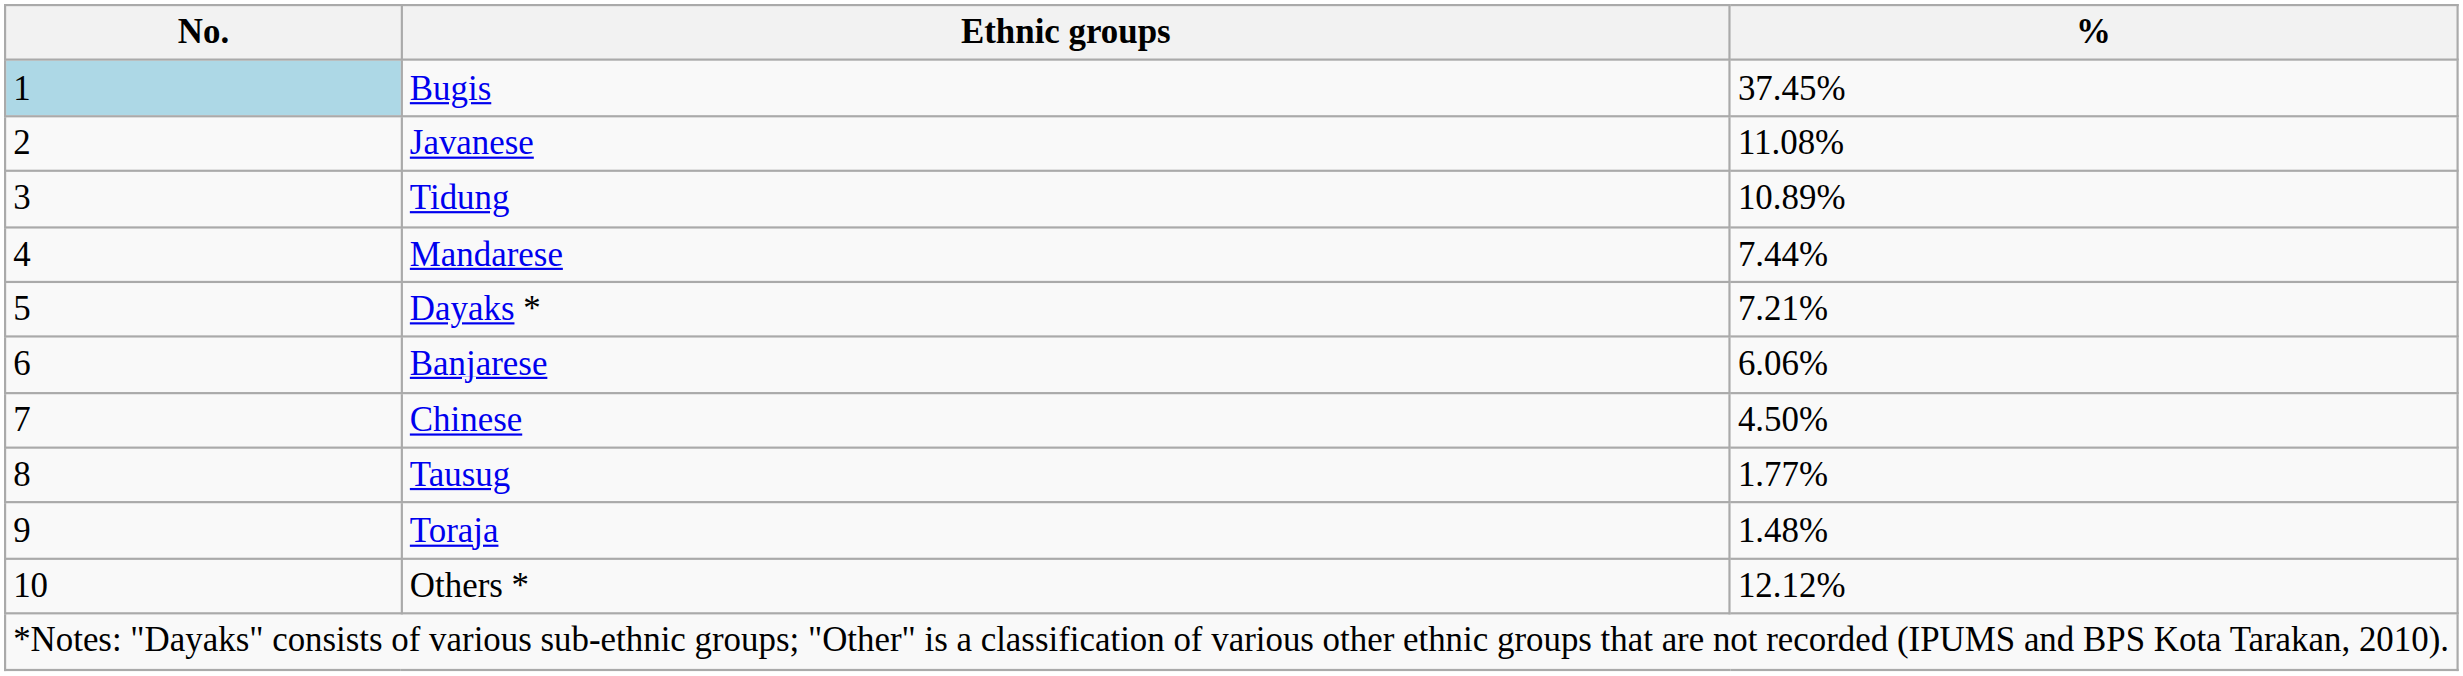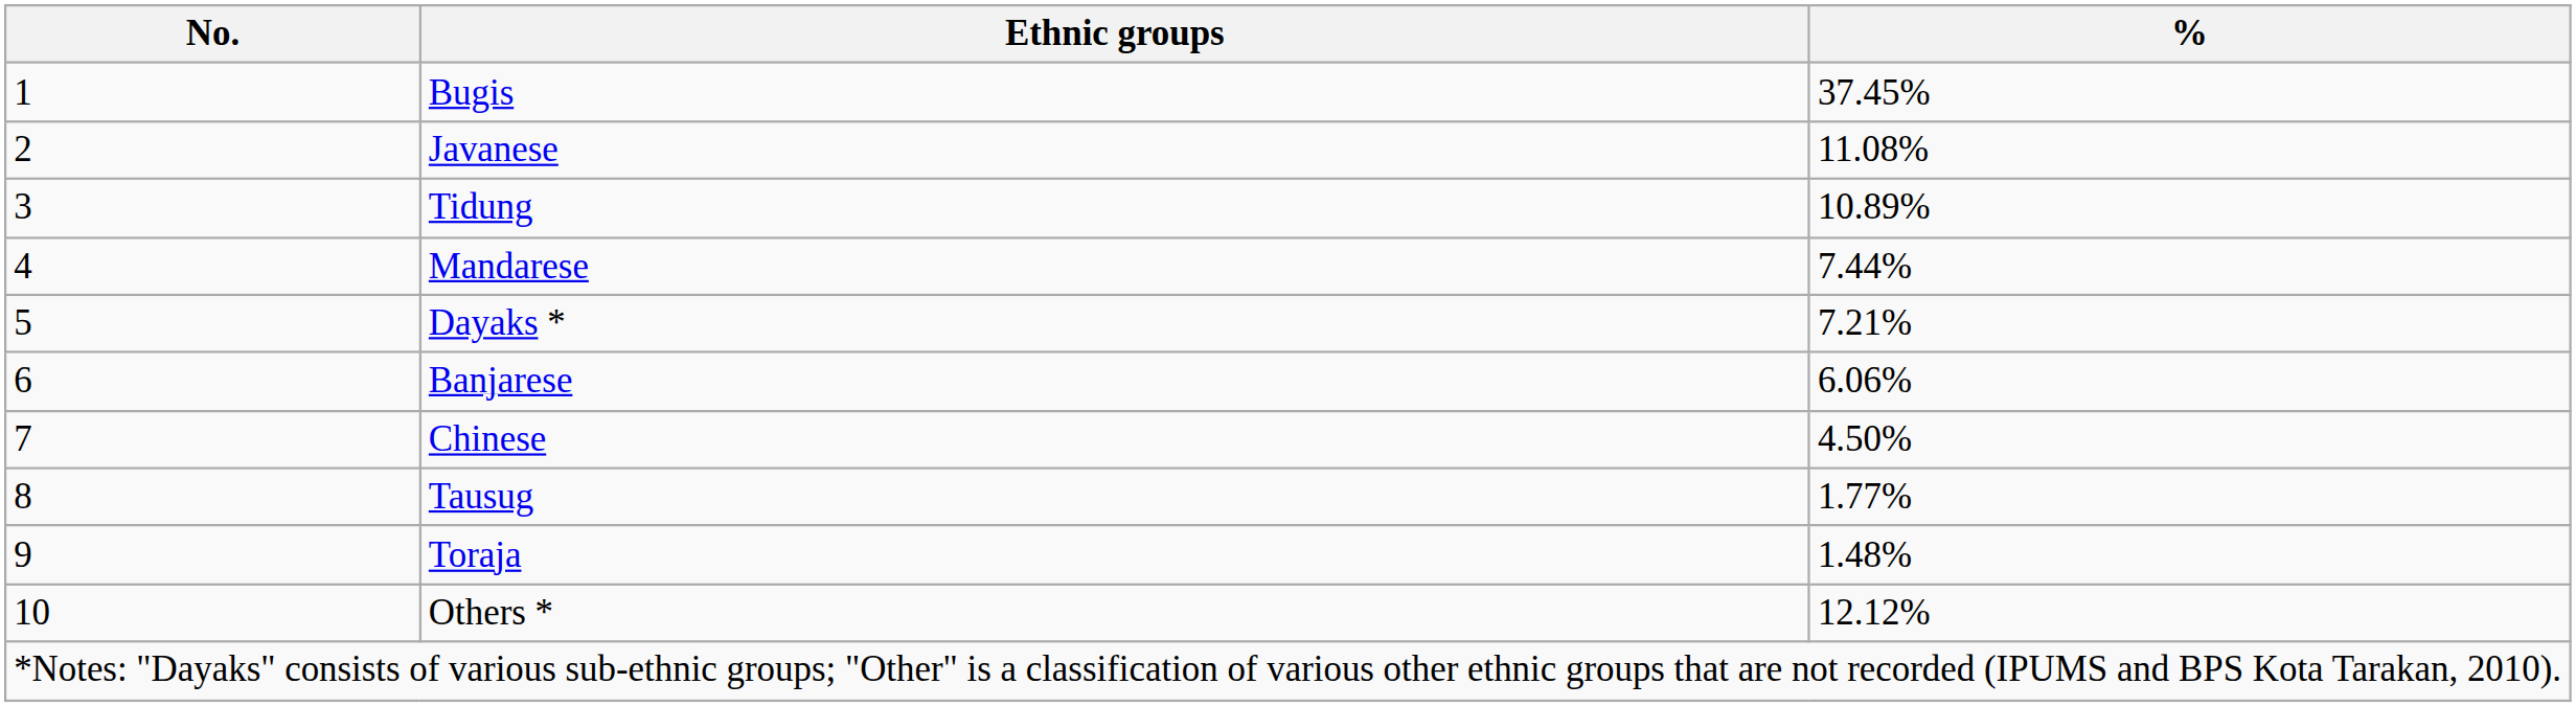 <table class="sortable wikitable">
 <tr>
 <th>No.</th>
 <th>Ethnic groups</th>
 <th>%</th>
 </tr>
 <tr>
-<td style="background: lightblue;">1</td>
+<td>1</td>
 <td><a href='#'>Bugis</a></td>
 <td>37.45%</td>
 </tr>
 <tr>
 <td>2</td>
 <td><a href='#'>Javanese</a></td>
 <td>11.08%</td>
 </tr>
 <tr>
 <td>3</td>
 <td><a href='#'>Tidung</a></td>
 <td>10.89%</td>
 </tr>
 <tr>
 <td>4</td>
 <td><a href='#'>Mandarese</a></td>
 <td>7.44%</td>
 </tr>
 <tr>
 <td>5</td>
 <td><a href='#'>Dayaks</a> *</td>
 <td>7.21%</td>
 </tr>
 <tr>
 <td>6</td>
 <td><a href='#'>Banjarese</a></td>
 <td>6.06%</td>
 </tr>
 <tr>
 <td>7</td>
 <td><a href='#'>Chinese</a></td>
 <td>4.50%</td>
 </tr>
 <tr>
 <td>8</td>
 <td><a href='#'>Tausug</a></td>
 <td>1.77%</td>
 </tr>
 <tr>
 <td>9</td>
 <td><a href='#'>Toraja</a></td>
 <td>1.48%</td>
 </tr>
 <tr>
 <td>10</td>
 <td>Others *</td>
 <td>12.12%</td>
 </tr>
 <tr>
 <td colspan=3>*Notes: "Dayaks" consists of various sub-ethnic groups; "Other" is a classification of various other ethnic groups that are not recorded (IPUMS and BPS Kota Tarakan, 2010).</td>
 </tr>
 </table>
